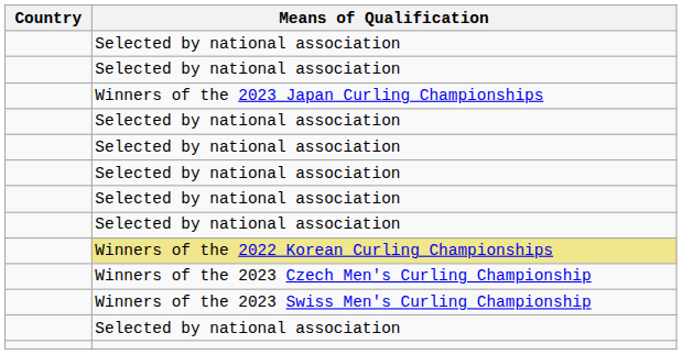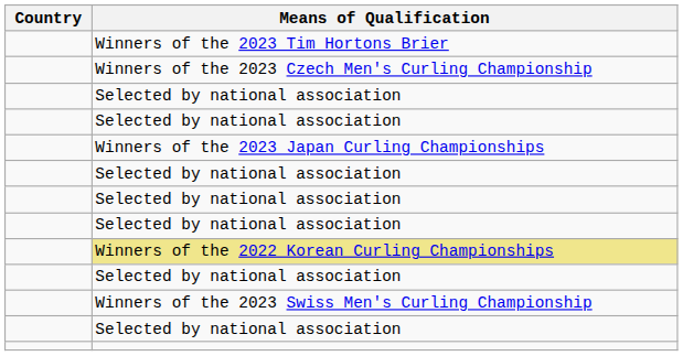 <table class="wikitable" style="width:550px;">
 <tr>
 <th scope="col">Country</th>
 <th scope="col">Means of Qualification</th>
+</tr>
+<tr>
+<td></td>
+<td>Winners of the <a href='#'>2023 Tim Hortons Brier</a></td>
+</tr>
+<tr>
+<td></td>
+<td>Winners of the 2023 <a href='#'>Czech Men's Curling Championship</a></td>
 </tr>
 <tr>
 <td></td>
 <td>Selected by national association</td>
 </tr>
 <tr>
 <td></td>
 <td>Selected by national association</td>
 </tr>
 <tr>
 <td></td>
 <td>Winners of the <a href='#'>2023 Japan Curling Championships</a></td>
 </tr>
 <tr>
 <td></td>
 <td>Selected by national association</td>
 </tr>
 <tr>
 <td></td>
 <td>Selected by national association</td>
 </tr>
 <tr>
 <td></td>
 <td>Selected by national association</td>
 </tr>
 <tr>
 <td></td>
-<td>Selected by national association</td>
+<td style="background: khaki;">Winners of the <a href='#'>2022 Korean Curling Championships</a></td>
 </tr>
 <tr>
 <td></td>
 <td>Selected by national association</td>
-</tr>
-<tr>
-<td></td>
-<td style="background: khaki;">Winners of the <a href='#'>2022 Korean Curling Championships</a></td>
-</tr>
-<tr>
-<td></td>
-<td>Winners of the 2023 <a href='#'>Czech Men's Curling Championship</a></td>
 </tr>
 <tr>
 <td></td>
 <td>Winners of the 2023 <a href='#'>Swiss Men's Curling Championship</a></td>
 </tr>
 <tr>
 <td></td>
 <td>Selected by national association</td>
 </tr>
 <tr>
 <td></td>
 <td></td>
 </tr>
 </table>
